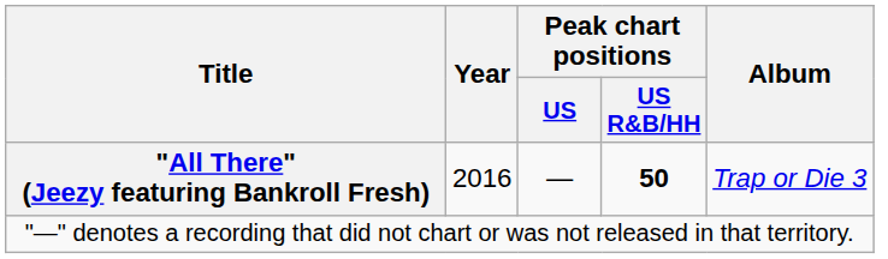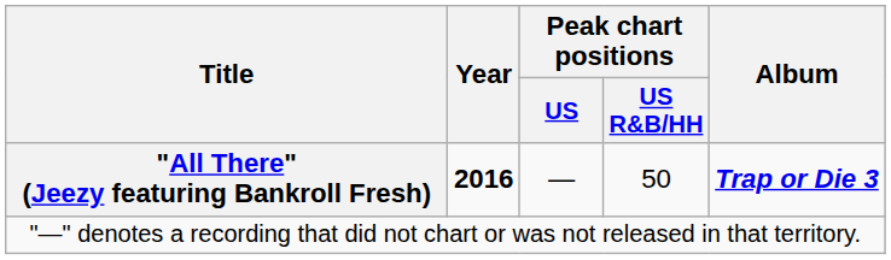 <table class="wikitable plainrowheaders" style="text-align:center;">
 <tr>
 <th scope="col" rowspan="2" style="width:16em;">Title</th>
 <th scope="col" rowspan="2">Year</th>
 <th scope="col" colspan="2">Peak chart positions</th>
 <th scope="col" rowspan="2">Album</th>
 </tr>
 <tr>
 <th scope="col" style="width:3em;font-size:90%;"><a href='#'>US</a><br></th>
 <th scope="col" style="width:3em;font-size:90%;"><a href='#'>US<br>R&B/HH</a><br></th>
 </tr>
 <tr>
 <th scope="row">"<a href='#'>All There</a>"<br><span>(<a href='#'>Jeezy</a> featuring Bankroll Fresh)</span></th>
-<td>2016</td>
+<td><strong>2016</strong></td>
 <td>—</td>
-<td><strong>50</strong></td>
-<td><em><a href='#'>Trap or Die 3</a></em></td>
+<td>50</td>
+<td><strong><em><a href='#'>Trap or Die 3</a></em></strong></td>
 </tr>
 <tr>
 <td colspan="14" style="font-size:90%">"—" denotes a recording that did not chart or was not released in that territory.</td>
 </tr>
 </table>
